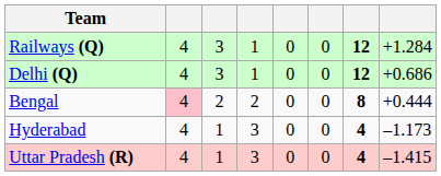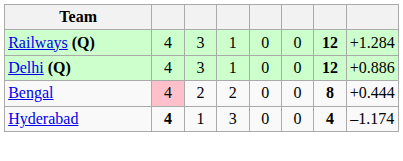 <table class="wikitable" style="text-align:center">
 <tr>
 <th style="width:140px;">Team</th>
 <th style="width:25px;"></th>
 <th style="width:25px;"></th>
 <th style="width:25px;"></th>
 <th style="width:25px;"></th>
 <th style="width:25px;"></th>
 <th style="width:25px;"></th>
 <th style="width:40px;"></th>
 </tr>
 <tr style="background:#cfc;">
 <td style="text-align:left"><a href='#'>Railways</a> <strong>(Q)</strong></td>
 <td>4</td>
 <td>3</td>
 <td>1</td>
 <td>0</td>
 <td>0</td>
 <td><strong>12</strong></td>
 <td>+1.284</td>
 </tr>
 <tr style="background:#cfc;">
 <td style="text-align:left"><a href='#'>Delhi</a> <strong>(Q)</strong></td>
 <td>4</td>
 <td>3</td>
 <td>1</td>
 <td>0</td>
 <td>0</td>
 <td><strong>12</strong></td>
-<td>+0.686</td>
+<td>+0.886</td>
 </tr>
 <tr>
 <td style="text-align:left"><a href='#'>Bengal</a></td>
 <td style="background: pink;">4</td>
 <td>2</td>
 <td>2</td>
 <td>0</td>
 <td>0</td>
 <td><strong>8</strong></td>
 <td>+0.444</td>
 </tr>
 <tr>
 <td style="text-align:left"><a href='#'>Hyderabad</a></td>
-<td>4</td>
+<td><strong>4</strong></td>
 <td>1</td>
 <td>3</td>
 <td>0</td>
 <td>0</td>
 <td><strong>4</strong></td>
-<td>–1.173</td>
-</tr>
-<tr style="background:#FFCCCC">
-<td style="text-align:left"><a href='#'>Uttar Pradesh</a> <strong>(R)</strong></td>
-<td>4</td>
-<td>1</td>
-<td>3</td>
-<td>0</td>
-<td>0</td>
-<td><strong>4</strong></td>
-<td>–1.415</td>
+<td>–1.174</td>
 </tr>
 </table>
